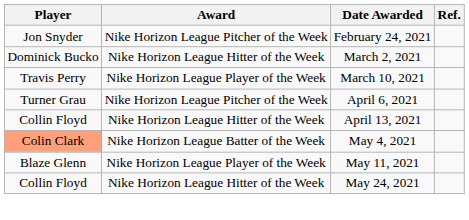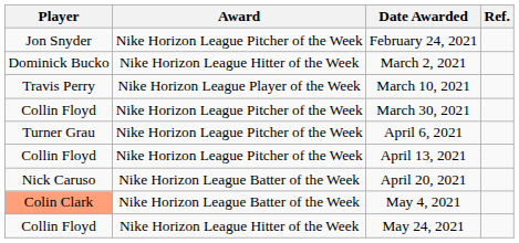 <table class="wikitable sortable sortable" style="text-align: center">
 <tr align=center>
 <th>Player</th>
 <th>Award</th>
 <th>Date Awarded</th>
 <th>Ref.</th>
 </tr>
 <tr>
 <td>Jon Snyder</td>
 <td rowspan="1">Nike Horizon League Pitcher of the Week</td>
 <td rowspan="1">February 24, 2021</td>
 <td rowspan="1"></td>
 </tr>
 <tr>
 <td>Dominick Bucko</td>
 <td rowspan="1">Nike Horizon League Hitter of the Week</td>
 <td rowspan="1">March 2, 2021</td>
 <td rowspan="1"></td>
 </tr>
 <tr>
 <td>Travis Perry</td>
 <td rowspan="1">Nike Horizon League Player of the Week</td>
 <td rowspan="1">March 10, 2021</td>
 <td rowspan="1"></td>
 </tr>
 <tr>
+<td>Collin Floyd</td>
+<td rowspan="1">Nike Horizon League Pitcher of the Week</td>
+<td rowspan="1">March 30, 2021</td>
+<td rowspan="1"></td>
+</tr>
+<tr>
 <td>Turner Grau</td>
 <td rowspan="1">Nike Horizon League Pitcher of the Week</td>
 <td rowspan="1">April 6, 2021</td>
 <td rowspan="1"></td>
 </tr>
 <tr>
 <td>Collin Floyd</td>
-<td rowspan="1">Nike Horizon League Hitter of the Week</td>
+<td rowspan="1">Nike Horizon League Pitcher of the Week</td>
 <td rowspan="1">April 13, 2021</td>
+<td rowspan="1"></td>
+</tr>
+<tr>
+<td>Nick Caruso</td>
+<td rowspan="1">Nike Horizon League Batter of the Week</td>
+<td rowspan="1">April 20, 2021</td>
 <td rowspan="1"></td>
 </tr>
 <tr>
 <td style="background: lightsalmon;">Colin Clark</td>
 <td rowspan="1">Nike Horizon League Batter of the Week</td>
 <td rowspan="1">May 4, 2021</td>
 <td rowspan="1"></td>
 </tr>
 <tr>
-<td>Blaze Glenn</td>
-<td rowspan="1">Nike Horizon League Player of the Week</td>
-<td rowspan="1">May 11, 2021</td>
-<td rowspan="1"></td>
-</tr>
-<tr>
 <td>Collin Floyd</td>
 <td rowspan="1">Nike Horizon League Hitter of the Week</td>
 <td rowspan="1">May 24, 2021</td>
 <td rowspan="1"></td>
 </tr>
 </table>
